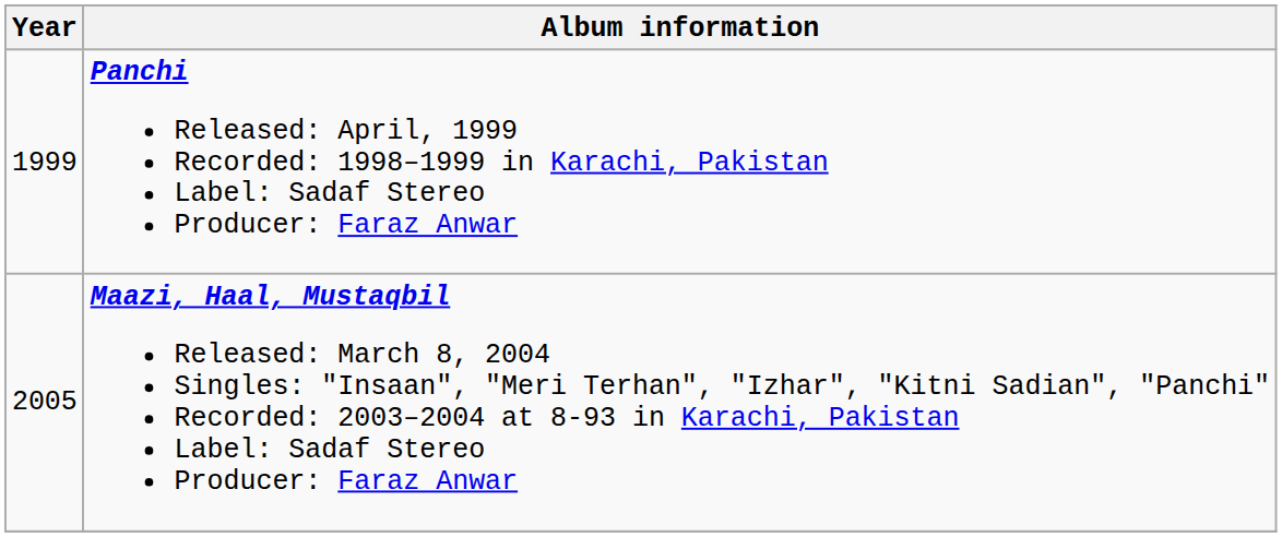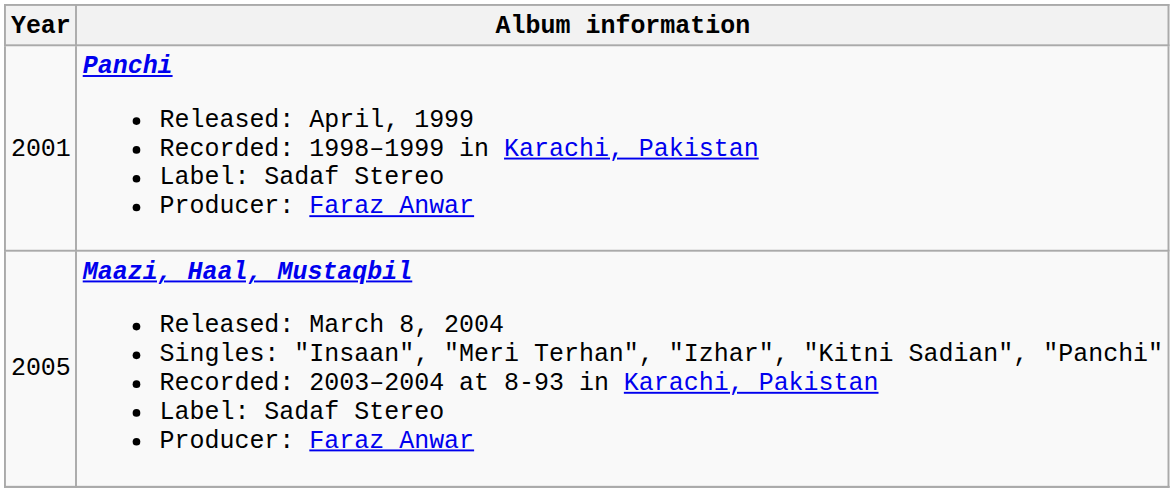 <table class="wikitable">
 <tr>
 <th>Year</th>
 <th>Album information</th>
 </tr>
 <tr>
-<td>1999</td>
+<td>2001</td>
 <td><strong><em><a href='#'>Panchi</a></em></strong><br><ul><li>Released: April, 1999</li><li>Recorded: 1998–1999 in <a href='#'>Karachi, Pakistan</a></li><li>Label: Sadaf Stereo</li><li>Producer: <a href='#'>Faraz Anwar</a></li></ul></td>
 </tr>
 <tr>
 <td>2005</td>
 <td><strong><em><a href='#'>Maazi, Haal, Mustaqbil</a></em></strong><br><ul><li>Released: March 8, 2004</li><li>Singles: "Insaan", "Meri Terhan", "Izhar", "Kitni Sadian", "Panchi"</li><li>Recorded: 2003–2004 at 8-93 in <a href='#'>Karachi, Pakistan</a></li><li>Label: Sadaf Stereo</li><li>Producer: <a href='#'>Faraz Anwar</a></li></ul></td>
 </tr>
 <tr>
 </tr>
 </table>
